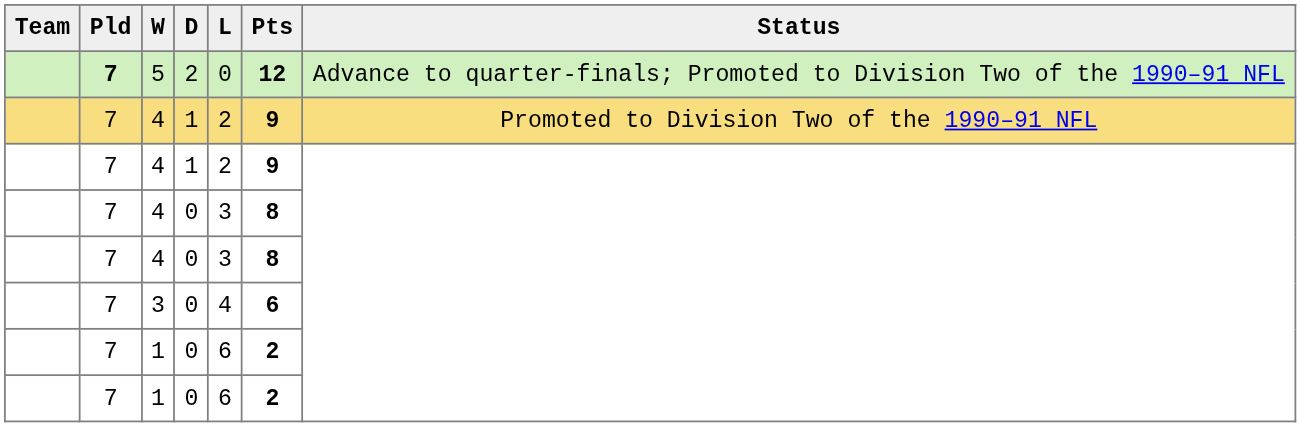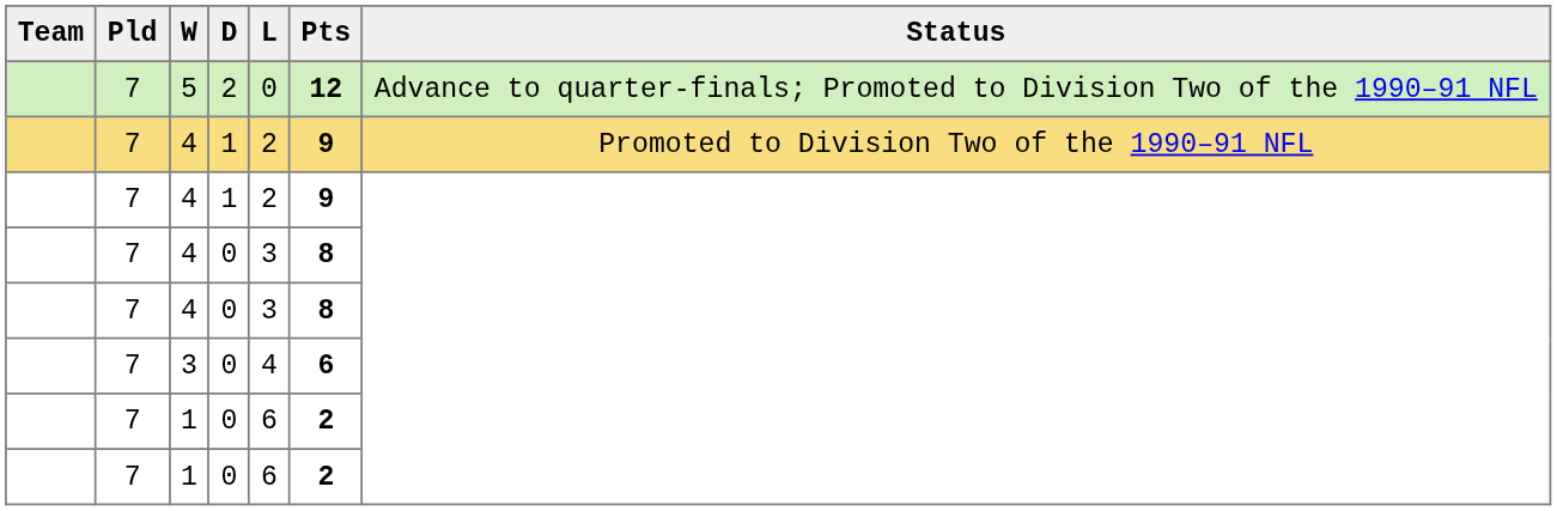 <table style=border-collapse:collapse border=1 cellspacing=0 cellpadding=5>
 <tr align=center bgcolor=#efefef>
 <th>Team</th>
 <th>Pld</th>
 <th>W</th>
 <th>D</th>
 <th>L</th>
 <th>Pts</th>
 <th>Status</th>
 </tr>
 <tr align=center style="background:#D0F0C0;">
 <td style="text-align:left;"> </td>
-<td><strong>7</strong></td>
+<td>7</td>
 <td>5</td>
 <td>2</td>
 <td>0</td>
 <td><strong>12</strong></td>
 <td rowspan=1>Advance to quarter-finals; Promoted to Division Two of the <a href='#'>1990–91 NFL</a></td>
 </tr>
 <tr align=center style="background:#F8DE7E;">
 <td style="text-align:left;"> </td>
 <td>7</td>
 <td>4</td>
 <td>1</td>
 <td>2</td>
 <td><strong>9</strong></td>
 <td rowspan=1>Promoted to Division Two of the <a href='#'>1990–91 NFL</a></td>
 </tr>
 <tr align=center style="background:#FFFFFF;">
 <td style="text-align:left;"> </td>
 <td>7</td>
 <td>4</td>
 <td>1</td>
 <td>2</td>
 <td><strong>9</strong></td>
 <td rowspan=6></td>
 </tr>
 <tr align=center style="background:#FFFFFF;">
 <td style="text-align:left;"> </td>
 <td>7</td>
 <td>4</td>
 <td>0</td>
 <td>3</td>
 <td><strong>8</strong></td>
 </tr>
 <tr align=center style="background:#FFFFFF;">
 <td style="text-align:left;"> </td>
 <td>7</td>
 <td>4</td>
 <td>0</td>
 <td>3</td>
 <td><strong>8</strong></td>
 </tr>
 <tr align=center style="background:#FFFFFF;">
 <td style="text-align:left;"> </td>
 <td>7</td>
 <td>3</td>
 <td>0</td>
 <td>4</td>
 <td><strong>6</strong></td>
 </tr>
 <tr align=center style="background:#FFFFFF;">
 <td style="text-align:left;"> </td>
 <td>7</td>
 <td>1</td>
 <td>0</td>
 <td>6</td>
 <td><strong>2</strong></td>
 </tr>
 <tr align=center style="background:#FFFFFF;">
 <td style="text-align:left;"> </td>
 <td>7</td>
 <td>1</td>
 <td>0</td>
 <td>6</td>
 <td><strong>2</strong></td>
 </tr>
 </table>
